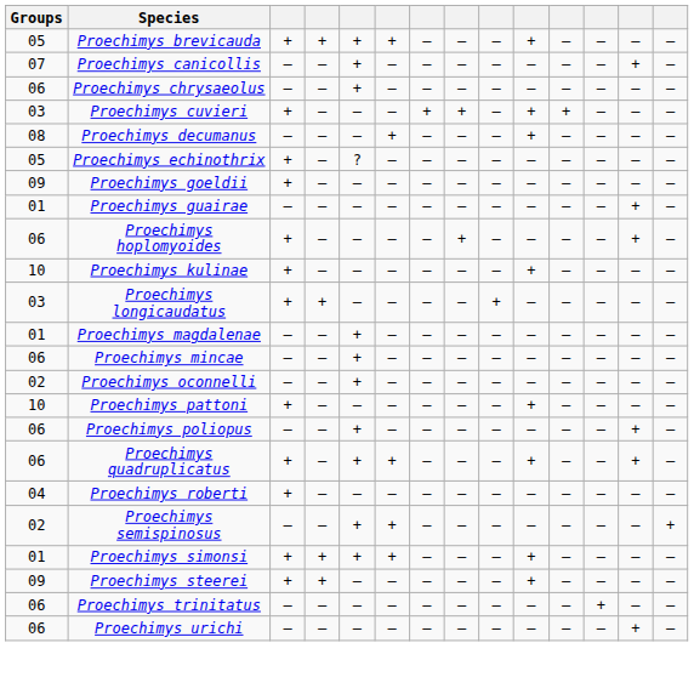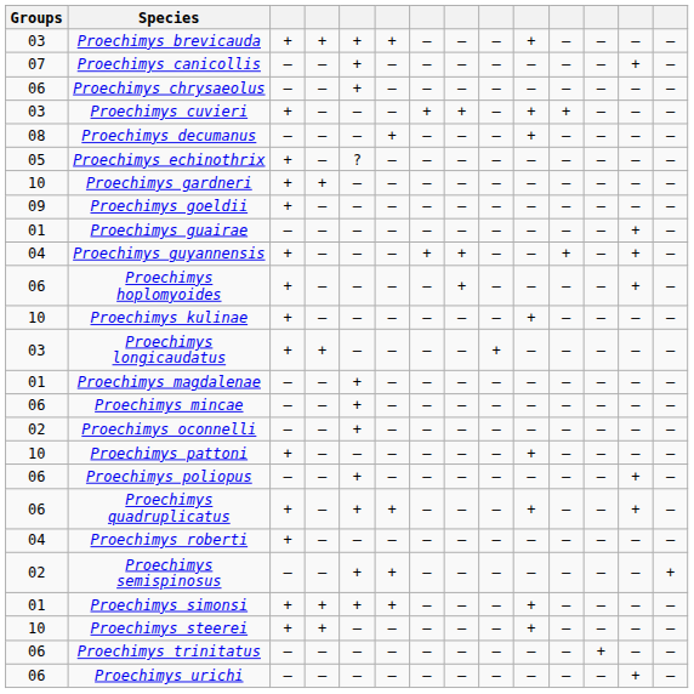 <table class="wikitable sortable" style="margin-left: auto; margin-right: auto; text-align: center;">
 <tr>
 <th style="width: 50px;">Groups</th>
 <th style="width: 175px;">Species</th>
 <th style="width: 25px;"><a href='#'></a></th>
 <th style="width: 25px;"><a href='#'></a></th>
 <th style="width: 25px;"><a href='#'></a></th>
 <th style="width: 25px;"><a href='#'></a></th>
 <th style="width: 25px;"><a href='#'></a></th>
 <th style="width: 25px;"><a href='#'></a></th>
 <th style="width: 25px;"><a href='#'></a></th>
 <th style="width: 25px;"><a href='#'></a></th>
 <th style="width: 25px;"><a href='#'></a></th>
 <th style="width: 25px;"><a href='#'></a></th>
 <th style="width: 25px;"><a href='#'></a></th>
 <th style="width: 25px;"><a href='#'></a></th>
 </tr>
 <tr>
-<td>05</td>
+<td>03</td>
 <td><em><a href='#'>Proechimys brevicauda</a></em></td>
 <td>+</td>
 <td>+</td>
 <td>+</td>
 <td>+</td>
 <td>—</td>
 <td>—</td>
 <td>—</td>
 <td>+</td>
 <td>—</td>
 <td>—</td>
 <td>—</td>
 <td>—</td>
 </tr>
 <tr>
 <td>07</td>
 <td><em><a href='#'>Proechimys canicollis</a></em></td>
 <td>—</td>
 <td>—</td>
 <td>+</td>
 <td>—</td>
 <td>—</td>
 <td>—</td>
 <td>—</td>
 <td>—</td>
 <td>—</td>
 <td>—</td>
 <td>+</td>
 <td>—</td>
 </tr>
 <tr>
 <td>06</td>
 <td><em><a href='#'>Proechimys chrysaeolus</a></em></td>
 <td>—</td>
 <td>—</td>
 <td>+</td>
 <td>—</td>
 <td>—</td>
 <td>—</td>
 <td>—</td>
 <td>—</td>
 <td>—</td>
 <td>—</td>
 <td>—</td>
 <td>—</td>
 </tr>
 <tr>
 <td>03</td>
 <td><em><a href='#'>Proechimys cuvieri</a></em></td>
 <td>+</td>
 <td>—</td>
 <td>—</td>
 <td>—</td>
 <td>+</td>
 <td>+</td>
 <td>—</td>
 <td>+</td>
 <td>+</td>
 <td>—</td>
 <td>—</td>
 <td>—</td>
 </tr>
 <tr>
 <td>08</td>
 <td><em><a href='#'>Proechimys decumanus</a></em></td>
 <td>—</td>
 <td>—</td>
 <td>—</td>
 <td>+</td>
 <td>—</td>
 <td>—</td>
 <td>—</td>
 <td>+</td>
 <td>—</td>
 <td>—</td>
 <td>—</td>
 <td>—</td>
 </tr>
 <tr>
 <td>05</td>
 <td><em><a href='#'>Proechimys echinothrix</a></em></td>
 <td>+</td>
 <td>—</td>
 <td>?</td>
 <td>—</td>
 <td>—</td>
 <td>—</td>
 <td>—</td>
 <td>—</td>
 <td>—</td>
 <td>—</td>
 <td>—</td>
 <td>—</td>
 </tr>
 <tr>
+<td>10</td>
+<td><em><a href='#'>Proechimys gardneri</a></em></td>
+<td>+</td>
+<td>+</td>
+<td>—</td>
+<td>—</td>
+<td>—</td>
+<td>—</td>
+<td>—</td>
+<td>—</td>
+<td>—</td>
+<td>—</td>
+<td>—</td>
+<td>—</td>
+</tr>
+<tr>
 <td>09</td>
 <td><em><a href='#'>Proechimys goeldii</a></em></td>
 <td>+</td>
 <td>—</td>
 <td>—</td>
 <td>—</td>
 <td>—</td>
 <td>—</td>
 <td>—</td>
 <td>—</td>
 <td>—</td>
 <td>—</td>
 <td>—</td>
 <td>—</td>
 </tr>
 <tr>
 <td>01</td>
 <td><em><a href='#'>Proechimys guairae</a></em></td>
 <td>—</td>
 <td>—</td>
 <td>—</td>
 <td>—</td>
 <td>—</td>
 <td>—</td>
 <td>—</td>
 <td>—</td>
 <td>—</td>
+<td>—</td>
+<td>+</td>
+<td>—</td>
+</tr>
+<tr>
+<td>04</td>
+<td><em><a href='#'>Proechimys guyannensis</a></em></td>
+<td>+</td>
+<td>—</td>
+<td>—</td>
+<td>—</td>
+<td>+</td>
+<td>+</td>
+<td>—</td>
+<td>—</td>
+<td>+</td>
 <td>—</td>
 <td>+</td>
 <td>—</td>
 </tr>
 <tr>
 <td>06</td>
 <td><em><a href='#'>Proechimys hoplomyoides</a></em></td>
 <td>+</td>
 <td>—</td>
 <td>—</td>
 <td>—</td>
 <td>—</td>
 <td>+</td>
 <td>—</td>
 <td>—</td>
 <td>—</td>
 <td>—</td>
 <td>+</td>
 <td>—</td>
 </tr>
 <tr>
 <td>10</td>
 <td><em><a href='#'>Proechimys kulinae</a></em></td>
 <td>+</td>
 <td>—</td>
 <td>—</td>
 <td>—</td>
 <td>—</td>
 <td>—</td>
 <td>—</td>
 <td>+</td>
 <td>—</td>
 <td>—</td>
 <td>—</td>
 <td>—</td>
 </tr>
 <tr>
 <td>03</td>
 <td><em><a href='#'>Proechimys longicaudatus</a></em></td>
 <td>+</td>
 <td>+</td>
 <td>—</td>
 <td>—</td>
 <td>—</td>
 <td>—</td>
 <td>+</td>
 <td>—</td>
 <td>—</td>
 <td>—</td>
 <td>—</td>
 <td>—</td>
 </tr>
 <tr>
 <td>01</td>
 <td><em><a href='#'>Proechimys magdalenae</a></em></td>
 <td>—</td>
 <td>—</td>
 <td>+</td>
 <td>—</td>
 <td>—</td>
 <td>—</td>
 <td>—</td>
 <td>—</td>
 <td>—</td>
 <td>—</td>
 <td>—</td>
 <td>—</td>
 </tr>
 <tr>
 <td>06</td>
 <td><em><a href='#'>Proechimys mincae</a></em></td>
 <td>—</td>
 <td>—</td>
 <td>+</td>
 <td>—</td>
 <td>—</td>
 <td>—</td>
 <td>—</td>
 <td>—</td>
 <td>—</td>
 <td>—</td>
 <td>—</td>
 <td>—</td>
 </tr>
 <tr>
 <td>02</td>
 <td><em><a href='#'>Proechimys oconnelli</a></em></td>
 <td>—</td>
 <td>—</td>
 <td>+</td>
 <td>—</td>
 <td>—</td>
 <td>—</td>
 <td>—</td>
 <td>—</td>
 <td>—</td>
 <td>—</td>
 <td>—</td>
 <td>—</td>
 </tr>
 <tr>
 <td>10</td>
 <td><em><a href='#'>Proechimys pattoni</a></em></td>
 <td>+</td>
 <td>—</td>
 <td>—</td>
 <td>—</td>
 <td>—</td>
 <td>—</td>
 <td>—</td>
 <td>+</td>
 <td>—</td>
 <td>—</td>
 <td>—</td>
 <td>—</td>
 </tr>
 <tr>
 <td>06</td>
 <td><em><a href='#'>Proechimys poliopus</a></em></td>
 <td>—</td>
 <td>—</td>
 <td>+</td>
 <td>—</td>
 <td>—</td>
 <td>—</td>
 <td>—</td>
 <td>—</td>
 <td>—</td>
 <td>—</td>
 <td>+</td>
 <td>—</td>
 </tr>
 <tr>
 <td>06</td>
 <td><em><a href='#'>Proechimys quadruplicatus</a></em></td>
 <td>+</td>
 <td>—</td>
 <td>+</td>
 <td>+</td>
 <td>—</td>
 <td>—</td>
 <td>—</td>
 <td>+</td>
 <td>—</td>
 <td>—</td>
 <td>+</td>
 <td>—</td>
 </tr>
 <tr>
 <td>04</td>
 <td><em><a href='#'>Proechimys roberti</a></em></td>
 <td>+</td>
 <td>—</td>
 <td>—</td>
 <td>—</td>
 <td>—</td>
 <td>—</td>
 <td>—</td>
 <td>—</td>
 <td>—</td>
 <td>—</td>
 <td>—</td>
 <td>—</td>
 </tr>
 <tr>
 <td>02</td>
 <td><em><a href='#'>Proechimys semispinosus</a></em></td>
 <td>—</td>
 <td>—</td>
 <td>+</td>
 <td>+</td>
 <td>—</td>
 <td>—</td>
 <td>—</td>
 <td>—</td>
 <td>—</td>
 <td>—</td>
 <td>—</td>
 <td>+</td>
 </tr>
 <tr>
 <td>01</td>
 <td><em><a href='#'>Proechimys simonsi</a></em></td>
 <td>+</td>
 <td>+</td>
 <td>+</td>
 <td>+</td>
 <td>—</td>
 <td>—</td>
 <td>—</td>
 <td>+</td>
 <td>—</td>
 <td>—</td>
 <td>—</td>
 <td>—</td>
 </tr>
 <tr>
-<td>09</td>
+<td>10</td>
 <td><em><a href='#'>Proechimys steerei</a></em></td>
 <td>+</td>
 <td>+</td>
 <td>—</td>
 <td>—</td>
 <td>—</td>
 <td>—</td>
 <td>—</td>
 <td>+</td>
 <td>—</td>
 <td>—</td>
 <td>—</td>
 <td>—</td>
 </tr>
 <tr>
 <td>06</td>
 <td><em><a href='#'>Proechimys trinitatus</a></em></td>
 <td>—</td>
 <td>—</td>
 <td>—</td>
 <td>—</td>
 <td>—</td>
 <td>—</td>
 <td>—</td>
 <td>—</td>
 <td>—</td>
 <td>+</td>
 <td>—</td>
 <td>—</td>
 </tr>
 <tr>
 <td>06</td>
 <td><em><a href='#'>Proechimys urichi</a></em></td>
 <td>—</td>
 <td>—</td>
 <td>—</td>
 <td>—</td>
 <td>—</td>
 <td>—</td>
 <td>—</td>
 <td>—</td>
 <td>—</td>
 <td>—</td>
 <td>+</td>
 <td>—</td>
 </tr>
 </table>
